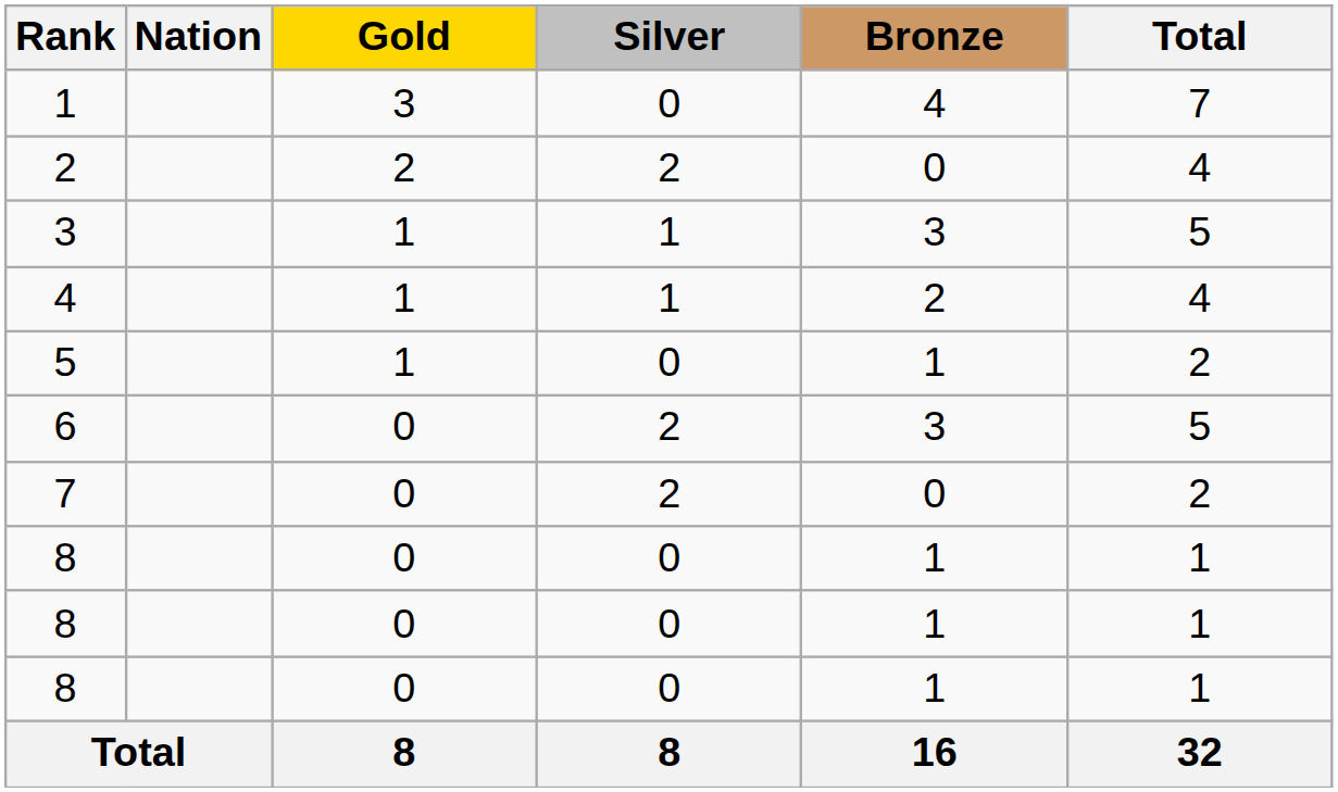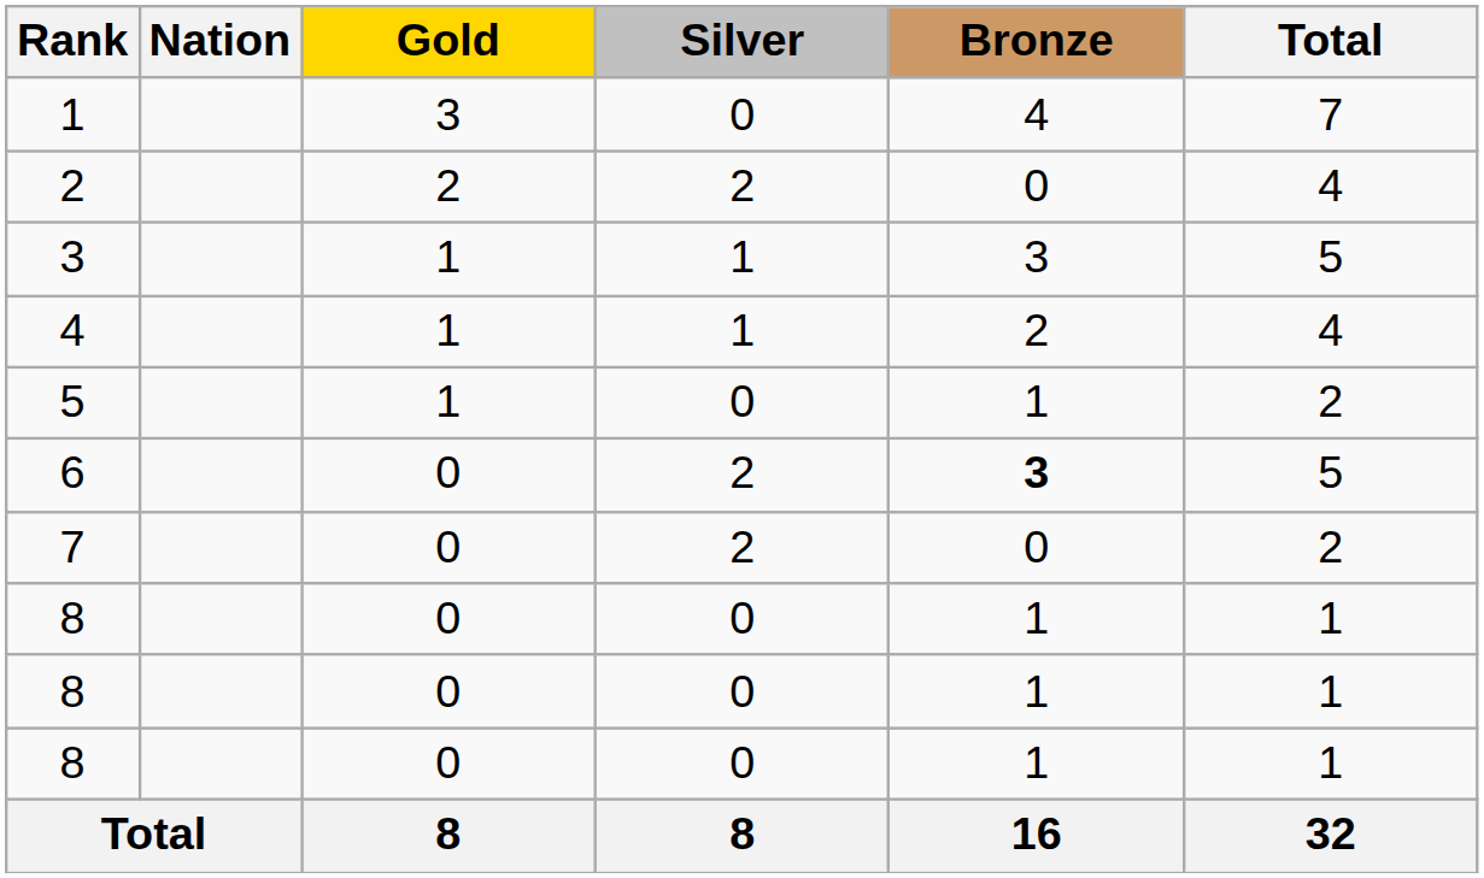 <table class=wikitable>
 <tr>
 <th scope="col">Rank</th>
 <th scope="col">Nation</th>
 <th scope="col" style="background-color:gold; width:6em;">Gold</th>
 <th scope="col" style="background-color:silver; width:6em;">Silver</th>
 <th scope="col" style="background-color:#cc9966; width:6em;">Bronze</th>
 <th scope="col" style="width:6em;">Total</th>
 </tr>
 <tr align="center">
 <td>1</td>
 <td align="left"></td>
 <td>3</td>
 <td>0</td>
 <td>4</td>
 <td>7</td>
 </tr>
 <tr align="center">
 <td>2</td>
 <td align="left"></td>
 <td>2</td>
 <td>2</td>
 <td>0</td>
 <td>4</td>
 </tr>
 <tr align="center">
 <td>3</td>
 <td align="left"></td>
 <td>1</td>
 <td>1</td>
 <td>3</td>
 <td>5</td>
 </tr>
 <tr align="center">
 <td>4</td>
 <td align="left"></td>
 <td>1</td>
 <td>1</td>
 <td>2</td>
 <td>4</td>
 </tr>
 <tr align="center">
 <td>5</td>
 <td align="left"></td>
 <td>1</td>
 <td>0</td>
 <td>1</td>
 <td>2</td>
 </tr>
 <tr align="center">
 <td>6</td>
 <td align="left"></td>
 <td>0</td>
 <td>2</td>
-<td>3</td>
+<td><strong>3</strong></td>
 <td>5</td>
 </tr>
 <tr align="center">
 <td>7</td>
 <td align="left"></td>
 <td>0</td>
 <td>2</td>
 <td>0</td>
 <td>2</td>
 </tr>
 <tr align="center">
 <td>8</td>
 <td align="left"></td>
 <td>0</td>
 <td>0</td>
 <td>1</td>
 <td>1</td>
 </tr>
 <tr align="center">
 <td>8</td>
 <td align="left"></td>
 <td>0</td>
 <td>0</td>
 <td>1</td>
 <td>1</td>
 </tr>
 <tr align="center">
 <td>8</td>
 <td align="left"></td>
 <td>0</td>
 <td>0</td>
 <td>1</td>
 <td>1</td>
 </tr>
 <tr align="center">
 <th colspan="2">Total</th>
 <th>8</th>
 <th>8</th>
 <th>16</th>
 <th>32</th>
 </tr>
 </table>
